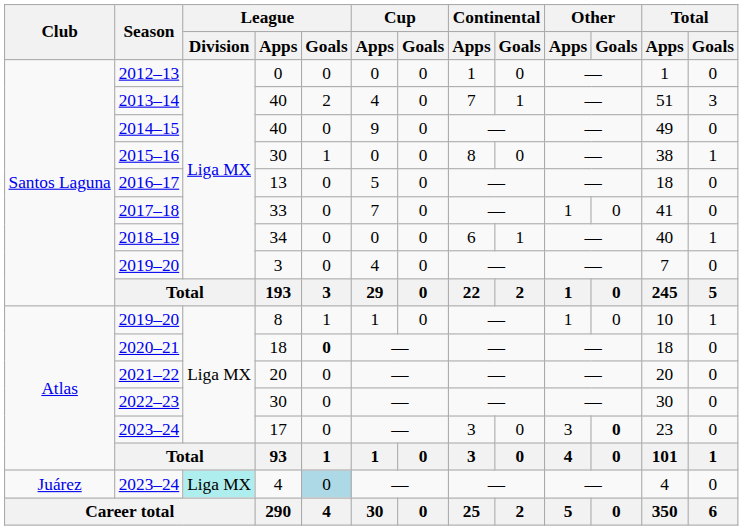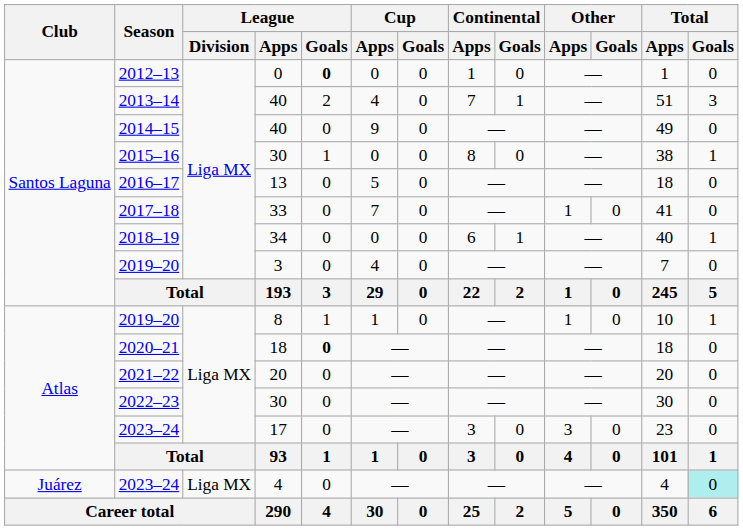 <table class="wikitable", style="text-align:center">
 <tr>
 <th rowspan="2">Club</th>
 <th rowspan="2">Season</th>
 <th colspan="3">League</th>
 <th colspan="2">Cup</th>
 <th colspan="2">Continental</th>
 <th colspan="2">Other</th>
 <th colspan="2">Total</th>
 </tr>
 <tr>
 <th>Division</th>
 <th>Apps</th>
 <th>Goals</th>
 <th>Apps</th>
 <th>Goals</th>
 <th>Apps</th>
 <th>Goals</th>
 <th>Apps</th>
 <th>Goals</th>
 <th>Apps</th>
 <th>Goals</th>
 </tr>
 <tr>
 <td rowspan="9"><a href='#'>Santos Laguna</a></td>
 <td><a href='#'>2012–13</a></td>
 <td rowspan="8"><a href='#'>Liga MX</a></td>
 <td>0</td>
-<td>0</td>
+<td><strong>0</strong></td>
 <td>0</td>
 <td>0</td>
 <td>1</td>
 <td>0</td>
 <td colspan="2">—</td>
 <td>1</td>
 <td>0</td>
 </tr>
 <tr>
 <td><a href='#'>2013–14</a></td>
 <td>40</td>
 <td>2</td>
 <td>4</td>
 <td>0</td>
 <td>7</td>
 <td>1</td>
 <td colspan="2">—</td>
 <td>51</td>
 <td>3</td>
 </tr>
 <tr>
 <td><a href='#'>2014–15</a></td>
 <td>40</td>
 <td>0</td>
 <td>9</td>
 <td>0</td>
 <td colspan="2">—</td>
 <td colspan="2">—</td>
 <td>49</td>
 <td>0</td>
 </tr>
 <tr>
 <td><a href='#'>2015–16</a></td>
 <td>30</td>
 <td>1</td>
 <td>0</td>
 <td>0</td>
 <td>8</td>
 <td>0</td>
 <td colspan="2">—</td>
 <td>38</td>
 <td>1</td>
 </tr>
 <tr>
 <td><a href='#'>2016–17</a></td>
 <td>13</td>
 <td>0</td>
 <td>5</td>
 <td>0</td>
 <td colspan="2">—</td>
 <td colspan="2">—</td>
 <td>18</td>
 <td>0</td>
 </tr>
 <tr>
 <td><a href='#'>2017–18</a></td>
 <td>33</td>
 <td>0</td>
 <td>7</td>
 <td>0</td>
 <td colspan="2">—</td>
 <td>1</td>
 <td>0</td>
 <td>41</td>
 <td>0</td>
 </tr>
 <tr>
 <td><a href='#'>2018–19</a></td>
 <td>34</td>
 <td>0</td>
 <td>0</td>
 <td>0</td>
 <td>6</td>
 <td>1</td>
 <td colspan="2">—</td>
 <td>40</td>
 <td>1</td>
 </tr>
 <tr>
 <td><a href='#'>2019–20</a></td>
 <td>3</td>
 <td>0</td>
 <td>4</td>
 <td>0</td>
 <td colspan="2">—</td>
 <td colspan="2">—</td>
 <td>7</td>
 <td>0</td>
 </tr>
 <tr>
 <th colspan="2">Total</th>
 <th>193</th>
 <th>3</th>
 <th>29</th>
 <th>0</th>
 <th>22</th>
 <th>2</th>
 <th>1</th>
 <th>0</th>
 <th>245</th>
 <th>5</th>
 </tr>
 <tr>
 <td rowspan="6"><a href='#'>Atlas</a></td>
 <td><a href='#'>2019–20</a></td>
 <td rowspan="5">Liga MX</td>
 <td>8</td>
 <td>1</td>
 <td>1</td>
 <td>0</td>
 <td colspan="2">—</td>
 <td>1</td>
 <td>0</td>
 <td>10</td>
 <td>1</td>
 </tr>
 <tr>
 <td><a href='#'>2020–21</a></td>
 <td>18</td>
 <td><strong>0</strong></td>
 <td colspan="2">—</td>
 <td colspan="2">—</td>
 <td colspan="2">—</td>
 <td>18</td>
 <td>0</td>
 </tr>
 <tr>
 <td><a href='#'>2021–22</a></td>
 <td>20</td>
 <td>0</td>
 <td colspan="2">—</td>
 <td colspan="2">—</td>
 <td colspan="2">—</td>
 <td>20</td>
 <td>0</td>
 </tr>
 <tr>
 <td><a href='#'>2022–23</a></td>
 <td>30</td>
 <td>0</td>
 <td colspan="2">—</td>
 <td colspan="2">—</td>
 <td colspan="2">—</td>
 <td>30</td>
 <td>0</td>
 </tr>
 <tr>
 <td><a href='#'>2023–24</a></td>
 <td>17</td>
 <td>0</td>
 <td colspan="2">—</td>
 <td>3</td>
 <td>0</td>
 <td>3</td>
-<td><strong>0</strong></td>
+<td>0</td>
 <td>23</td>
 <td>0</td>
 </tr>
 <tr>
 <th colspan="2">Total</th>
 <th>93</th>
 <th>1</th>
 <th>1</th>
 <th>0</th>
 <th>3</th>
 <th>0</th>
 <th>4</th>
 <th>0</th>
 <th>101</th>
 <th>1</th>
 </tr>
 <tr>
 <td><a href='#'>Juárez</a></td>
 <td><a href='#'>2023–24</a></td>
-<td style="background: paleturquoise;">Liga MX</td>
+<td>Liga MX</td>
 <td>4</td>
-<td style="background: lightblue;">0</td>
+<td>0</td>
 <td colspan="2">—</td>
 <td colspan="2">—</td>
 <td colspan="2">—</td>
 <td>4</td>
-<td>0</td>
+<td style="background: paleturquoise;">0</td>
 </tr>
 <tr>
 <th colspan="3">Career total</th>
 <th>290</th>
 <th>4</th>
 <th>30</th>
 <th>0</th>
 <th>25</th>
 <th>2</th>
 <th>5</th>
 <th>0</th>
 <th>350</th>
 <th>6</th>
 </tr>
 </table>
